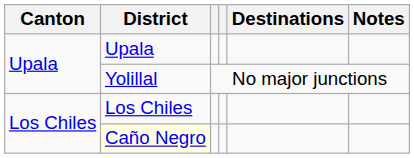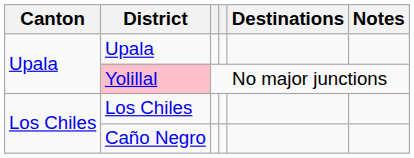 <table class="wikitable">
 <tr>
 <th scope="col">Canton</th>
 <th scope="col">District</th>
 <th scope="col"></th>
 <th scope="col"></th>
 <th scope="col">Destinations</th>
 <th scope="col">Notes</th>
 </tr>
 <tr>
 <td rowspan="2"><a href='#'>Upala</a></td>
 <td><a href='#'>Upala</a></td>
 <td></td>
 <td></td>
 <td></td>
 <td></td>
 </tr>
 <tr>
-<td><a href='#'>Yolillal</a></td>
+<td style="background: pink;"><a href='#'>Yolillal</a></td>
 <td colspan="4" style="text-align:center;">No major junctions</td>
 </tr>
 <tr>
 <td rowspan="2"><a href='#'>Los Chiles</a></td>
 <td><a href='#'>Los Chiles</a></td>
 <td></td>
 <td></td>
 <td></td>
 <td></td>
 </tr>
 <tr>
-<td style="background: lightyellow;"><a href='#'>Caño Negro</a></td>
+<td><a href='#'>Caño Negro</a></td>
 <td></td>
 <td></td>
 <td></td>
 <td></td>
 </tr>
 </table>
